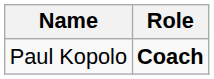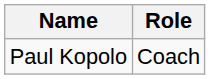 <table class="wikitable">
 <tr>
 <th>Name</th>
 <th>Role</th>
 </tr>
 <tr>
 <td> Paul Kopolo</td>
-<td><strong>Coach</strong></td>
+<td>Coach</td>
 </tr>
 </table>
